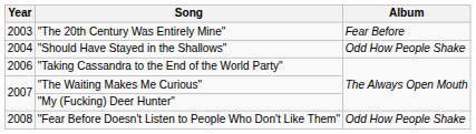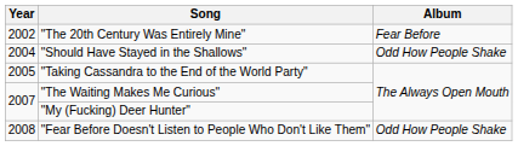 <table class="wikitable">
 <tr>
 <th>Year</th>
 <th>Song</th>
 <th>Album</th>
 </tr>
 <tr>
-<td>2003</td>
+<td>2002</td>
 <td>"The 20th Century Was Entirely Mine"</td>
 <td><em>Fear Before</em></td>
 </tr>
 <tr>
 <td>2004</td>
 <td>"Should Have Stayed in the Shallows"</td>
 <td><em>Odd How People Shake</em></td>
 </tr>
 <tr>
-<td>2006</td>
+<td>2005</td>
 <td>"Taking Cassandra to the End of the World Party"</td>
 <td rowspan="3"><em>The Always Open Mouth</em></td>
 </tr>
 <tr>
 <td rowspan="2">2007</td>
 <td>"The Waiting Makes Me Curious"</td>
 </tr>
 <tr>
 <td>"My (Fucking) Deer Hunter"</td>
 </tr>
 <tr>
 <td>2008</td>
 <td>"Fear Before Doesn't Listen to People Who Don't Like Them"</td>
 <td><em>Odd How People Shake</em></td>
 </tr>
 </table>
